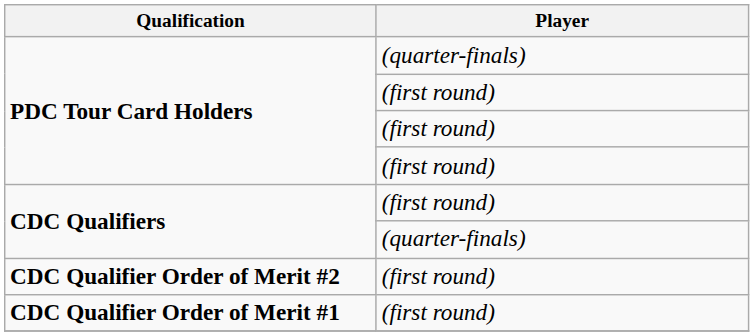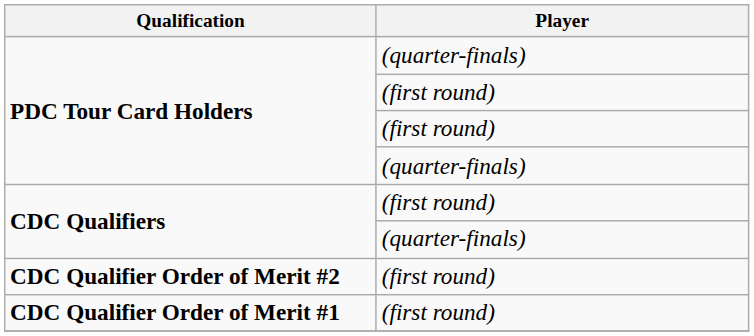 <table class="wikitable">
 <tr style="font-size:10pt;font-weight:bold">
 <th width="250">Qualification</th>
 <th width="250">Player</th>
 </tr>
 <tr>
 <td rowspan="4"><strong>PDC Tour Card Holders</strong></td>
 <td> <em>(quarter-finals)</em></td>
 </tr>
 <tr>
 <td> <em>(first round)</em></td>
 </tr>
 <tr>
 <td> <em>(first round)</em></td>
 </tr>
 <tr>
-<td> <em>(first round)</em></td>
+<td> <em>(quarter-finals)</em></td>
 </tr>
 <tr>
 <td rowspan="2"><strong>CDC Qualifiers</strong></td>
 <td> <em>(first round)</em></td>
 </tr>
 <tr>
 <td> <em>(quarter-finals)</em></td>
 </tr>
 <tr>
 <td><strong>CDC Qualifier Order of Merit #2</strong></td>
 <td> <em>(first round)</em></td>
 </tr>
 <tr>
 <td><strong>CDC Qualifier Order of Merit #1</strong></td>
 <td> <em>(first round)</em></td>
 </tr>
 <tr>
 </tr>
 </table>
